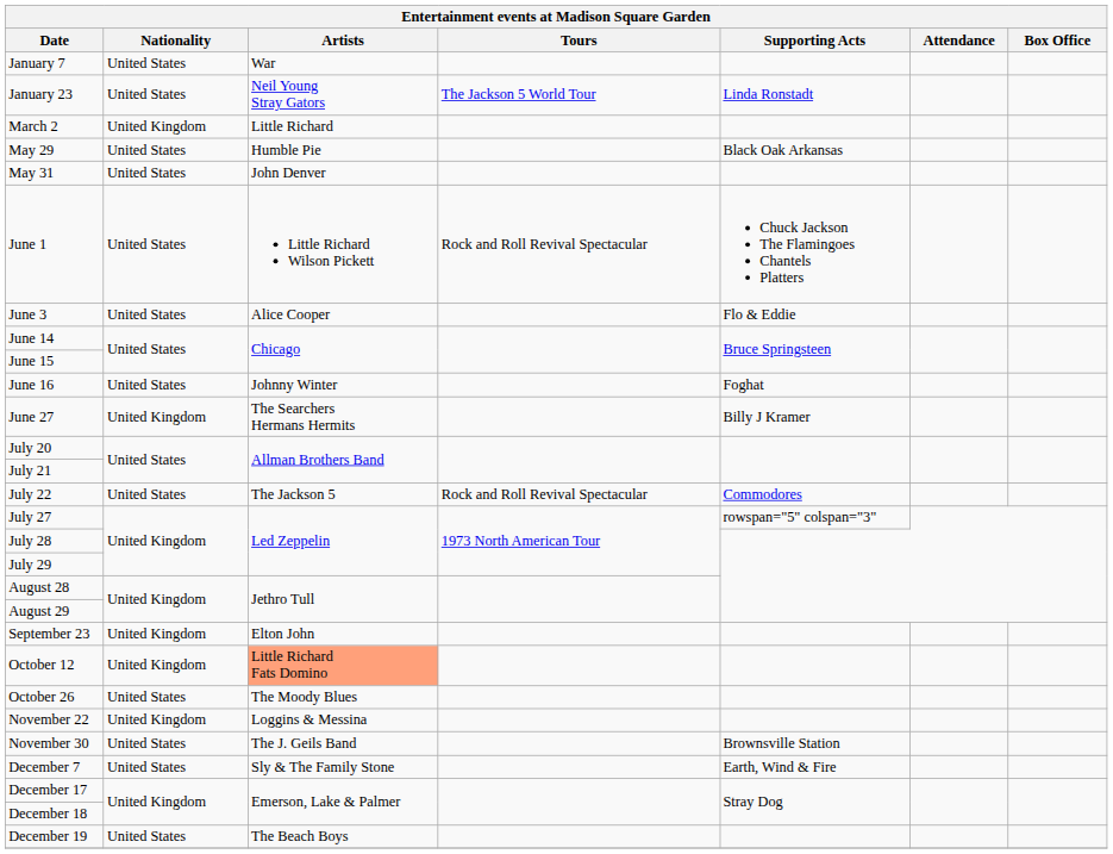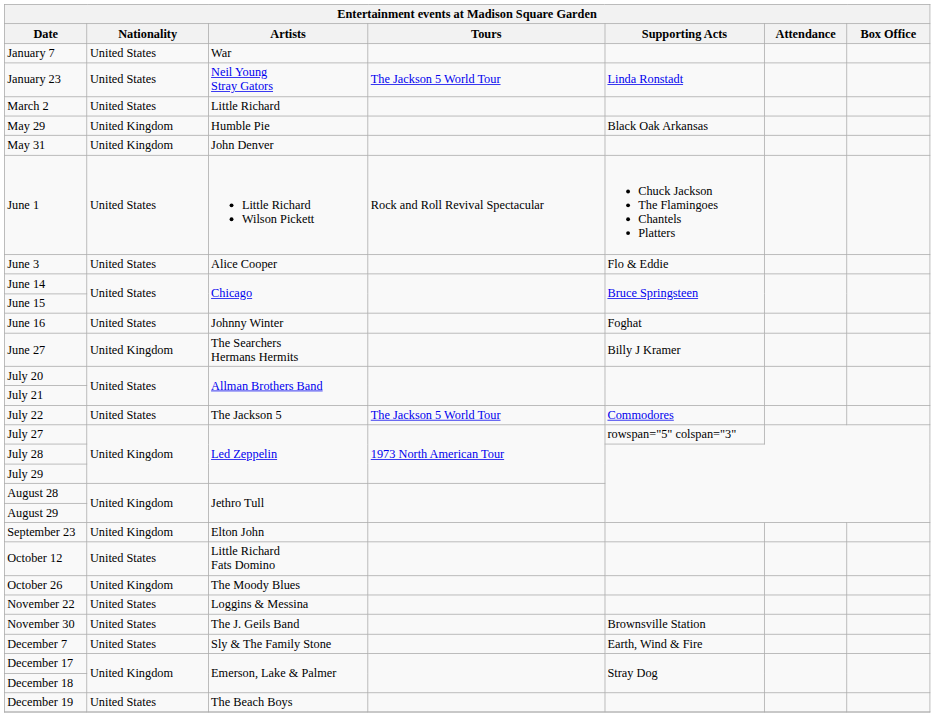 <table class="wikitable">
 <tr>
 <th colspan="8">Entertainment events at Madison Square Garden</th>
 </tr>
 <tr>
 <th width=100>Date</th>
 <th width=150>Nationality</th>
 <th width=200>Artists</th>
 <th width=300>Tours</th>
 <th width=200>Supporting Acts</th>
 <th width=100>Attendance</th>
 <th width=100>Box Office</th>
 </tr>
 <tr>
 <td>January 7</td>
 <td>United States</td>
 <td>War</td>
 <td></td>
 <td></td>
 <td></td>
 <td></td>
 </tr>
 <tr>
 <td>January 23</td>
 <td>United States</td>
 <td><a href='#'>Neil Young</a><br><a href='#'>Stray Gators</a></td>
 <td><a href='#'>The Jackson 5 World Tour</a></td>
 <td><a href='#'>Linda Ronstadt</a></td>
 <td></td>
 <td></td>
 </tr>
 <tr>
 <td>March 2</td>
-<td>United Kingdom</td>
+<td>United States</td>
 <td>Little Richard</td>
 <td></td>
 <td></td>
 <td></td>
 <td></td>
 </tr>
 <tr>
 <td>May 29</td>
-<td>United States</td>
+<td>United Kingdom</td>
 <td>Humble Pie</td>
 <td></td>
 <td>Black Oak Arkansas</td>
 <td></td>
 <td></td>
 </tr>
 <tr>
 <td>May 31</td>
-<td>United States</td>
+<td>United Kingdom</td>
 <td>John Denver</td>
 <td></td>
 <td></td>
 <td></td>
 <td></td>
 </tr>
 <tr>
 <td>June 1</td>
 <td>United States</td>
 <td><br><ul><li>Little Richard</li><li>Wilson Pickett</li></ul></td>
 <td>Rock and Roll Revival Spectacular</td>
 <td><br><ul><li>Chuck Jackson</li><li>The Flamingoes</li><li>Chantels</li><li>Platters</li></ul></td>
 <td></td>
 <td></td>
 </tr>
 <tr>
 <td>June 3</td>
 <td>United States</td>
 <td>Alice Cooper</td>
 <td></td>
 <td>Flo & Eddie</td>
 <td></td>
 <td></td>
 </tr>
 <tr>
 <td>June 14</td>
 <td rowspan=2>United States</td>
 <td rowspan=2><a href='#'>Chicago</a></td>
 <td rowspan=2></td>
 <td rowspan=2><a href='#'>Bruce Springsteen</a></td>
 <td rowspan=2></td>
 <td rowspan=2></td>
 </tr>
 <tr>
 <td>June 15</td>
 </tr>
 <tr>
 <td>June 16</td>
 <td>United States</td>
 <td>Johnny Winter</td>
 <td></td>
 <td>Foghat</td>
 <td></td>
 <td></td>
 </tr>
 <tr>
 <td>June 27</td>
 <td>United Kingdom</td>
 <td>The Searchers<br>Hermans Hermits</td>
 <td></td>
 <td>Billy J Kramer<br></td>
 <td></td>
 <td></td>
 </tr>
 <tr>
 <td>July 20</td>
 <td rowspan=2>United States</td>
 <td rowspan=2><a href='#'>Allman Brothers Band</a></td>
 <td rowspan=2></td>
 <td rowspan=2></td>
 <td rowspan=2></td>
 <td rowspan=2></td>
 </tr>
 <tr>
 <td>July 21</td>
 </tr>
 <tr>
 <td>July 22</td>
 <td>United States</td>
 <td>The Jackson 5</td>
-<td>Rock and Roll Revival Spectacular</td>
+<td><a href='#'>The Jackson 5 World Tour</a></td>
 <td><a href='#'>Commodores</a></td>
 <td></td>
 <td></td>
 </tr>
 <tr>
 <td>July 27</td>
 <td rowspan="3">United Kingdom</td>
 <td rowspan="3"><a href='#'>Led Zeppelin</a></td>
 <td rowspan="3"><a href='#'>1973 North American Tour</a></td>
 <td>rowspan="5" colspan="3" </td>
 </tr>
 <tr>
 <td>July 28</td>
 </tr>
 <tr>
 <td>July 29</td>
 </tr>
 <tr>
 <td>August 28</td>
 <td rowspan="2">United Kingdom</td>
 <td rowspan="2">Jethro Tull</td>
 <td rowspan="2"></td>
 </tr>
 <tr>
 <td>August 29</td>
 </tr>
 <tr>
 <td>September 23</td>
 <td>United Kingdom</td>
 <td>Elton John</td>
 <td></td>
 <td></td>
 <td></td>
 <td></td>
 </tr>
 <tr>
 <td>October 12</td>
-<td>United Kingdom</td>
-<td style="background: lightsalmon;">Little Richard<br>Fats Domino</td>
+<td>United States</td>
+<td>Little Richard<br>Fats Domino</td>
 <td></td>
 <td></td>
 <td></td>
 <td></td>
 </tr>
 <tr>
 <td>October 26</td>
-<td>United States</td>
+<td>United Kingdom</td>
 <td>The Moody Blues</td>
 <td></td>
 <td></td>
 <td></td>
 <td></td>
 </tr>
 <tr>
 <td>November 22</td>
-<td>United Kingdom</td>
+<td>United States</td>
 <td>Loggins & Messina</td>
 <td></td>
 <td></td>
 <td></td>
 <td></td>
 </tr>
 <tr>
 <td>November 30</td>
 <td>United States</td>
 <td>The J. Geils Band</td>
 <td></td>
 <td>Brownsville Station</td>
 <td></td>
 <td></td>
 </tr>
 <tr>
 <td>December 7</td>
 <td>United States</td>
 <td>Sly & The Family Stone</td>
 <td></td>
 <td>Earth, Wind & Fire</td>
 <td></td>
 <td></td>
 </tr>
 <tr>
 <td>December 17</td>
 <td rowspan="2">United Kingdom</td>
 <td rowspan="2">Emerson, Lake & Palmer</td>
 <td rowspan="2"></td>
 <td rowspan="2">Stray Dog</td>
 <td rowspan="2"></td>
 <td rowspan="2"></td>
 </tr>
 <tr>
 <td>December 18</td>
 </tr>
 <tr>
 <td>December 19</td>
 <td>United States</td>
 <td>The Beach Boys</td>
 <td></td>
 <td></td>
 <td></td>
 <td></td>
 </tr>
 <tr>
 </tr>
 </table>
